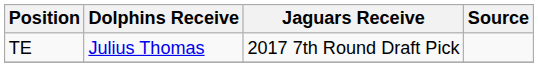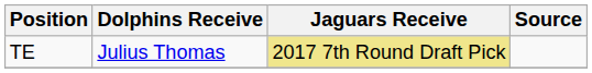 <table class="wikitable">
 <tr>
 <th>Position</th>
 <th>Dolphins Receive</th>
 <th>Jaguars Receive</th>
 <th>Source</th>
 </tr>
 <tr>
 <td>TE</td>
 <td><a href='#'>Julius Thomas</a></td>
-<td>2017 7th Round Draft Pick</td>
+<td style="background: khaki;">2017 7th Round Draft Pick</td>
 <td></td>
 </tr>
 <tr>
 </tr>
 </table>
